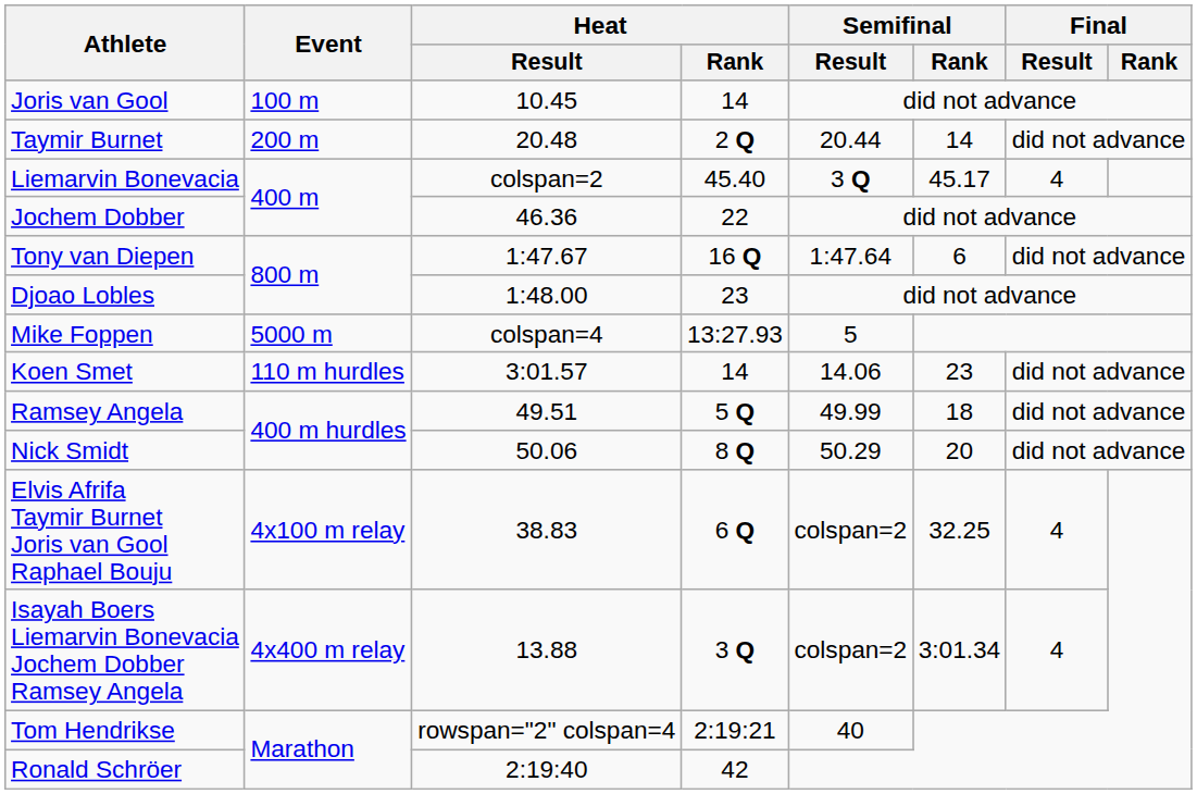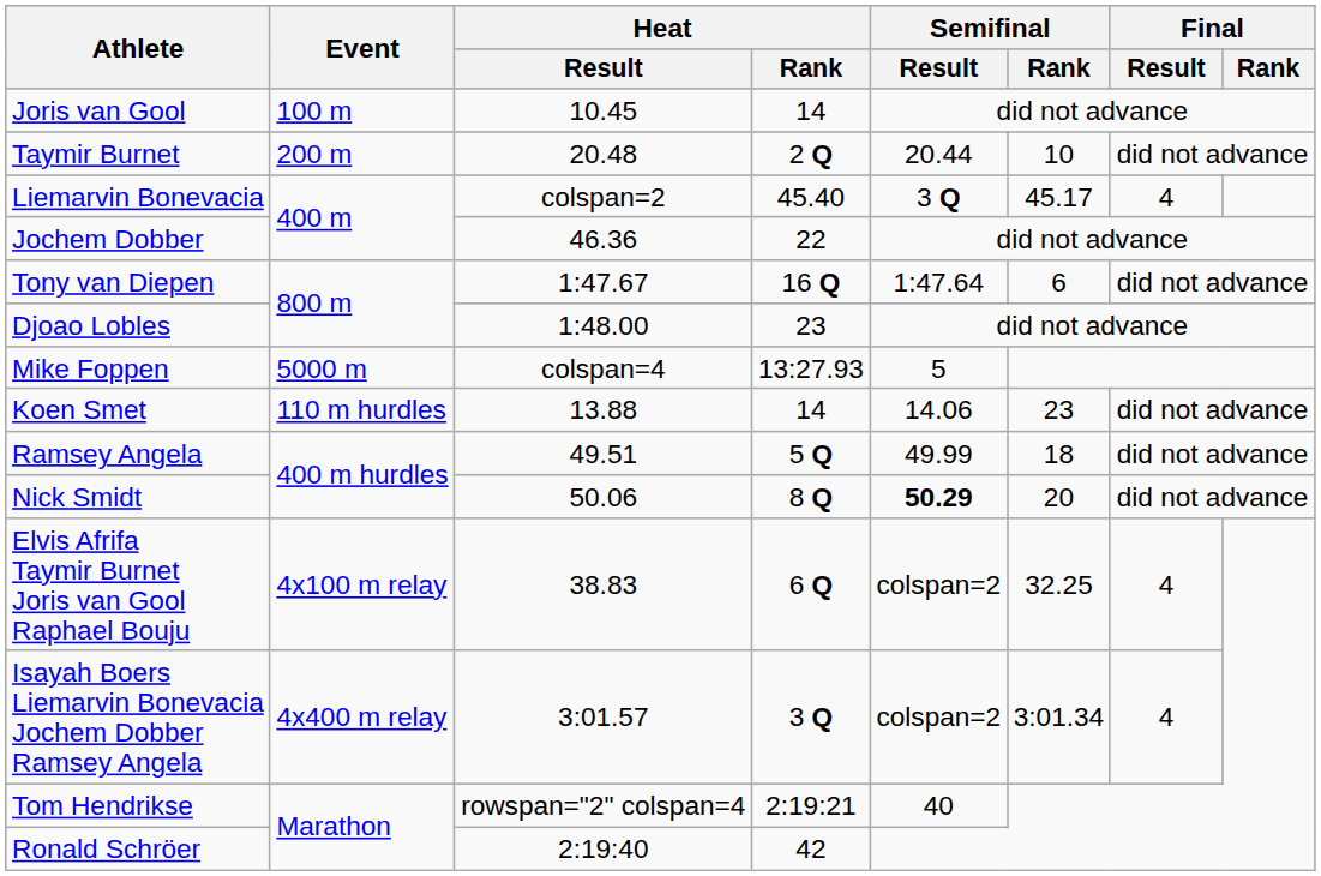 <table class="wikitable" style="font-size:90%">
 <tr>
 <th rowspan="2">Athlete</th>
 <th rowspan="2">Event</th>
 <th colspan="2">Heat</th>
 <th colspan="2">Semifinal</th>
 <th colspan="2">Final</th>
 </tr>
 <tr style="font-size:95%">
 <th>Result</th>
 <th>Rank</th>
 <th>Result</th>
 <th>Rank</th>
 <th>Result</th>
 <th>Rank</th>
 </tr>
 <tr align="center">
 <td align="left"><a href='#'>Joris van Gool</a></td>
 <td rowspan="1" align="left"><a href='#'>100 m</a></td>
 <td>10.45</td>
 <td>14</td>
 <td colspan=4>did not advance</td>
 </tr>
 <tr align="center">
 <td align="left"><a href='#'>Taymir Burnet</a></td>
 <td rowspan="1" align="left"><a href='#'>200 m</a></td>
 <td>20.48</td>
 <td>2 <strong>Q</strong></td>
 <td>20.44</td>
-<td>14</td>
+<td>10</td>
 <td colspan=2>did not advance</td>
 </tr>
 <tr align="center">
 <td align="left"><a href='#'>Liemarvin Bonevacia</a></td>
 <td rowspan="2" align="left"><a href='#'>400 m</a></td>
 <td>colspan=2 </td>
 <td>45.40</td>
 <td>3 <strong>Q</strong></td>
 <td>45.17</td>
 <td>4</td>
 </tr>
 <tr align="center">
 <td align="left"><a href='#'>Jochem Dobber</a></td>
 <td>46.36</td>
 <td>22</td>
 <td colspan=4>did not advance</td>
 </tr>
 <tr align="center">
 <td align="left"><a href='#'>Tony van Diepen</a></td>
 <td rowspan="2" align="left"><a href='#'>800 m</a></td>
 <td>1:47.67</td>
 <td>16 <strong>Q</strong></td>
 <td>1:47.64</td>
 <td>6</td>
 <td colspan=2>did not advance</td>
 </tr>
 <tr align="center">
 <td align="left"><a href='#'>Djoao Lobles</a></td>
 <td>1:48.00</td>
 <td>23</td>
 <td colspan=4>did not advance</td>
 </tr>
 <tr align="center">
 <td align="left"><a href='#'>Mike Foppen</a></td>
 <td rowspan="1" align="left"><a href='#'>5000 m</a></td>
 <td>colspan=4 </td>
 <td>13:27.93</td>
 <td>5</td>
 </tr>
 <tr align="center">
 <td align="left"><a href='#'>Koen Smet</a></td>
 <td rowspan="1" align="left"><a href='#'>110 m hurdles</a></td>
-<td>3:01.57</td>
+<td>13.88</td>
 <td>14</td>
 <td>14.06</td>
 <td>23</td>
 <td colspan=2>did not advance</td>
 </tr>
 <tr align="center">
 <td align="left"><a href='#'>Ramsey Angela</a></td>
 <td rowspan="2" align="left"><a href='#'>400 m hurdles</a></td>
 <td>49.51</td>
 <td>5 <strong>Q</strong></td>
 <td>49.99</td>
 <td>18</td>
 <td colspan=2>did not advance</td>
 </tr>
 <tr align="center">
 <td align="left"><a href='#'>Nick Smidt</a></td>
 <td>50.06</td>
 <td>8  <strong>Q</strong></td>
-<td>50.29</td>
+<td><strong>50.29</strong></td>
 <td>20</td>
 <td colspan=2>did not advance</td>
 </tr>
 <tr align="center">
 <td align="left"><a href='#'>Elvis Afrifa</a><br><a href='#'>Taymir Burnet</a><br><a href='#'>Joris van Gool</a><br><a href='#'>Raphael Bouju</a></td>
 <td rowspan="1" align="left"><a href='#'>4x100 m relay</a></td>
 <td>38.83</td>
 <td>6 <strong>Q</strong></td>
 <td>colspan=2 </td>
 <td>32.25</td>
 <td>4</td>
 </tr>
 <tr align="center">
 <td align="left"><a href='#'>Isayah Boers</a><br><a href='#'>Liemarvin Bonevacia</a><br><a href='#'>Jochem Dobber</a><br><a href='#'>Ramsey Angela</a></td>
 <td rowspan="1" align="left"><a href='#'>4x400 m relay</a></td>
-<td>13.88</td>
+<td>3:01.57</td>
 <td>3 <strong>Q</strong></td>
 <td>colspan=2 </td>
 <td>3:01.34</td>
 <td>4</td>
 </tr>
 <tr align="center">
 <td align="left"><a href='#'>Tom Hendrikse</a></td>
 <td rowspan="2" align="left"><a href='#'>Marathon</a></td>
 <td>rowspan="2" colspan=4 </td>
 <td>2:19:21</td>
 <td>40</td>
 </tr>
 <tr align="center">
 <td align="left"><a href='#'>Ronald Schröer</a></td>
 <td>2:19:40</td>
 <td>42</td>
 </tr>
 </table>
